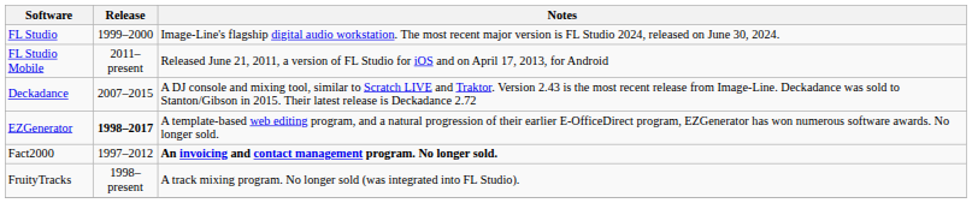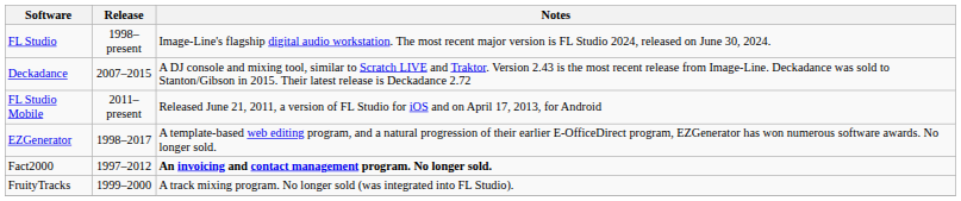 <table class="wikitable" style="margin:left;">
 <tr>
 <th>Software</th>
 <th>Release</th>
 <th>Notes</th>
 </tr>
 <tr>
 <td><a href='#'>FL Studio</a></td>
-<td style="text-align:center;">1999–2000</td>
+<td style="text-align:center;">1998–present</td>
 <td>Image-Line's flagship <a href='#'>digital audio workstation</a>. The most recent major version is FL Studio 2024, released on June 30, 2024.</td>
+</tr>
+<tr>
+<td><a href='#'>Deckadance</a></td>
+<td style="text-align:center;">2007–2015</td>
+<td>A DJ console and mixing tool, similar to <a href='#'>Scratch LIVE</a> and <a href='#'>Traktor</a>. Version 2.43 is the most recent release from Image-Line. Deckadance was sold to Stanton/Gibson in 2015. Their latest release is Deckadance 2.72</td>
 </tr>
 <tr>
 <td><a href='#'>FL Studio Mobile</a></td>
 <td style="text-align:center;">2011–present</td>
 <td>Released June 21, 2011, a version of FL Studio for <a href='#'>iOS</a> and on April 17, 2013, for Android</td>
 </tr>
 <tr>
-<td><a href='#'>Deckadance</a></td>
-<td style="text-align:center;">2007–2015</td>
-<td>A DJ console and mixing tool, similar to <a href='#'>Scratch LIVE</a> and <a href='#'>Traktor</a>. Version 2.43 is the most recent release from Image-Line. Deckadance was sold to Stanton/Gibson in 2015. Their latest release is Deckadance 2.72</td>
-</tr>
-<tr>
 <td><a href='#'>EZGenerator</a></td>
-<td style="text-align:center;"><strong>1998–2017</strong></td>
+<td style="text-align:center;">1998–2017</td>
 <td>A template-based <a href='#'>web editing</a> program, and a natural progression of their earlier E-OfficeDirect program, EZGenerator has won numerous software awards. No longer sold.</td>
 </tr>
 <tr>
 <td>Fact2000</td>
 <td style="text-align:center;">1997–2012</td>
 <td><strong>An <a href='#'>invoicing</a> and <a href='#'>contact management</a> program. No longer sold.</strong></td>
 </tr>
 <tr>
 <td>FruityTracks</td>
-<td style="text-align:center;">1998–present</td>
+<td style="text-align:center;">1999–2000</td>
 <td>A track mixing program. No longer sold (was integrated into FL Studio).</td>
 </tr>
 <tr>
 </tr>
 </table>
